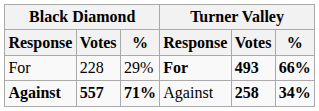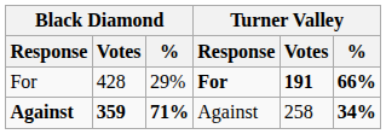 <table class="wikitable collapsible collapsed" align="right">
 <tr>
 <th colspan=3>Black Diamond</th>
 <th colspan=3>Turner Valley</th>
 </tr>
 <tr>
 <th>Response</th>
 <th>Votes</th>
 <th>%</th>
 <th>Response</th>
 <th>Votes</th>
 <th>%</th>
 </tr>
 <tr>
 <td>For</td>
-<td>228</td>
+<td>428</td>
 <td>29%</td>
 <td><strong>For</strong></td>
-<td><strong>493</strong></td>
+<td><strong>191</strong></td>
 <td><strong>66%</strong></td>
 </tr>
 <tr>
 <td><strong>Against</strong></td>
-<td><strong>557</strong></td>
+<td><strong>359</strong></td>
 <td><strong>71%</strong></td>
 <td>Against</td>
-<td><strong>258</strong></td>
+<td>258</td>
 <td><strong>34%</strong></td>
 </tr>
 <tr>
 </tr>
 </table>
